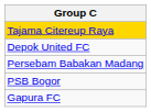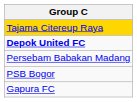 <table class="wikitable">
 <tr>
 <th><strong>Group C</strong></th>
 </tr>
 <tr>
 <td style="background: gold;"><a href='#'>Tajama Citereup Raya</a></td>
 </tr>
 <tr>
-<td><a href='#'>Depok United FC</a></td>
+<td><strong><a href='#'>Depok United FC</a></strong></td>
 </tr>
 <tr>
 <td><a href='#'>Persebam Babakan Madang</a></td>
 </tr>
 <tr>
 <td><a href='#'>PSB Bogor</a></td>
 </tr>
 <tr>
 <td><a href='#'>Gapura FC</a></td>
 </tr>
 </table>
